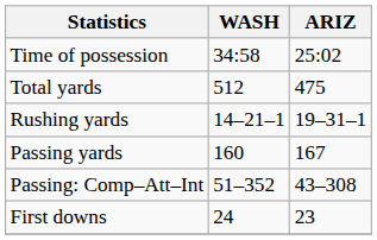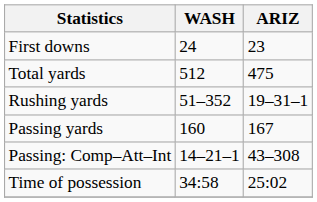 <table class="wikitable" style="float: left;">
 <tr>
 <th>Statistics</th>
 <th>WASH</th>
 <th>ARIZ</th>
 </tr>
 <tr>
-<td>Time of possession</td>
-<td>34:58</td>
-<td>25:02</td>
+<td>First downs</td>
+<td>24</td>
+<td>23</td>
 </tr>
 <tr>
 <td>Total yards</td>
 <td>512</td>
 <td>475</td>
 </tr>
 <tr>
 <td>Rushing yards</td>
-<td>14–21–1</td>
+<td>51–352</td>
 <td>19–31–1</td>
 </tr>
 <tr>
 <td>Passing yards</td>
 <td>160</td>
 <td>167</td>
 </tr>
 <tr>
 <td>Passing: Comp–Att–Int</td>
-<td>51–352</td>
+<td>14–21–1</td>
 <td>43–308</td>
 </tr>
 <tr>
-<td>First downs</td>
-<td>24</td>
-<td>23</td>
+<td>Time of possession</td>
+<td>34:58</td>
+<td>25:02</td>
 </tr>
 <tr>
 </tr>
 </table>
